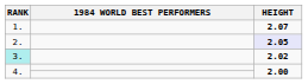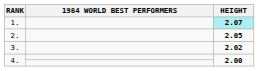 <table class="wikitable" style="border-collapse: collapse; font-size: 90%;">
 <tr>
 <th>RANK</th>
 <th align="center" style="width: 25em">1984 WORLD BEST PERFORMERS</th>
 <th align="center" style="width: 5em">HEIGHT</th>
 </tr>
 <tr>
 <td align="center">1.</td>
 <td></td>
-<td align="center"><strong>2.07</strong></td>
+<td align="center" style="background: paleturquoise;"><strong>2.07</strong></td>
 </tr>
 <tr>
 <td align="center">2.</td>
 <td></td>
-<td align="center" style="background: lavender;"><strong>2.05</strong></td>
+<td align="center"><strong>2.05</strong></td>
 </tr>
 <tr>
-<td align="center" style="background: paleturquoise;">3.</td>
+<td align="center">3.</td>
 <td></td>
 <td align="center"><strong>2.02</strong></td>
 </tr>
 <tr>
 <td rowspan=2 align="center">4.</td>
 <td></td>
 <td rowspan=2 align="center"><strong>2.00</strong></td>
 </tr>
 <tr>
 <td></td>
 </tr>
 </table>
